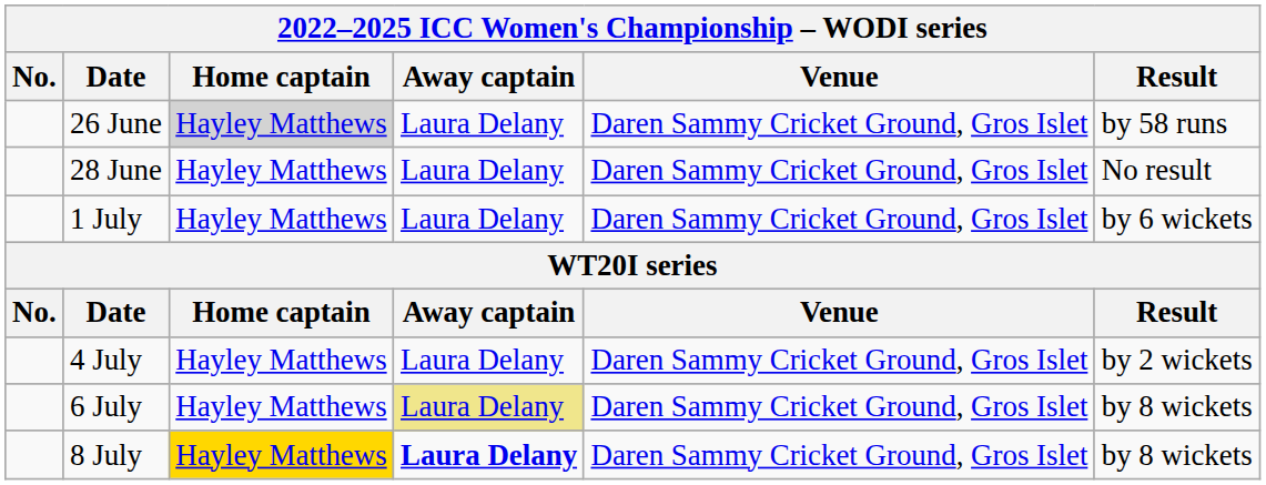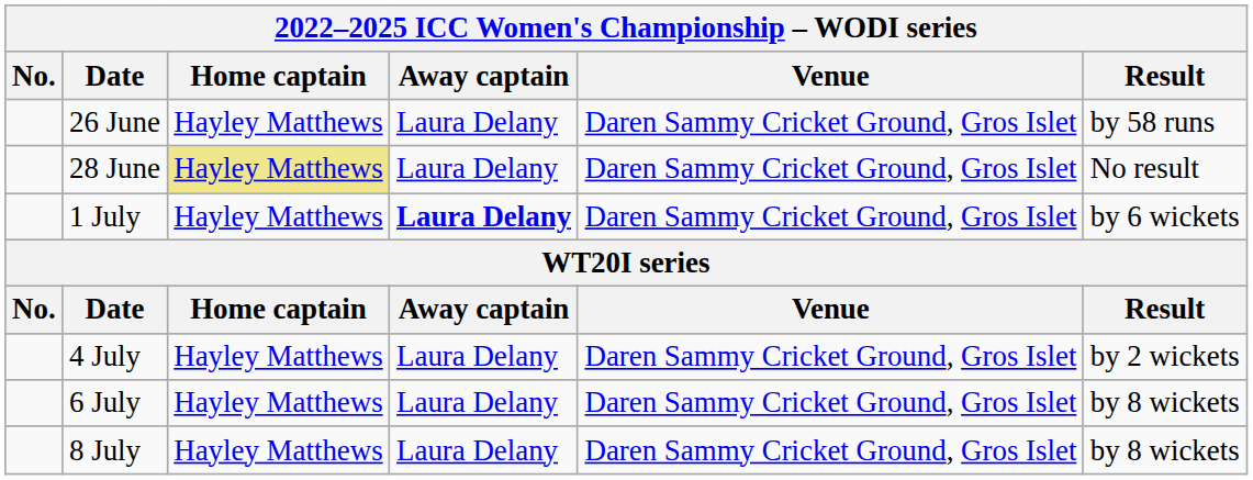 <table class="wikitable">
 <tr>
 <th colspan="9"><a href='#'>2022–2025 ICC Women's Championship</a> – WODI series</th>
 </tr>
 <tr>
 <th>No.</th>
 <th>Date</th>
 <th>Home captain</th>
 <th>Away captain</th>
 <th>Venue</th>
 <th>Result</th>
 </tr>
 <tr>
 <td></td>
 <td>26 June</td>
-<td style="background: lightgrey;"><a href='#'>Hayley Matthews</a></td>
+<td><a href='#'>Hayley Matthews</a></td>
 <td><a href='#'>Laura Delany</a></td>
 <td><a href='#'>Daren Sammy Cricket Ground</a>, <a href='#'>Gros Islet</a></td>
 <td> by 58 runs</td>
 </tr>
 <tr>
 <td></td>
 <td>28 June</td>
-<td><a href='#'>Hayley Matthews</a></td>
+<td style="background: khaki;"><a href='#'>Hayley Matthews</a></td>
 <td><a href='#'>Laura Delany</a></td>
 <td><a href='#'>Daren Sammy Cricket Ground</a>, <a href='#'>Gros Islet</a></td>
 <td>No result</td>
 </tr>
 <tr>
 <td></td>
 <td>1 July</td>
 <td><a href='#'>Hayley Matthews</a></td>
-<td><a href='#'>Laura Delany</a></td>
+<td><strong><a href='#'>Laura Delany</a></strong></td>
 <td><a href='#'>Daren Sammy Cricket Ground</a>, <a href='#'>Gros Islet</a></td>
 <td> by 6 wickets</td>
 </tr>
 <tr>
 <th colspan="9">WT20I series</th>
 </tr>
 <tr>
 <th>No.</th>
 <th>Date</th>
 <th>Home captain</th>
 <th>Away captain</th>
 <th>Venue</th>
 <th>Result</th>
 </tr>
 <tr>
 <td></td>
 <td>4 July</td>
 <td><a href='#'>Hayley Matthews</a></td>
 <td><a href='#'>Laura Delany</a></td>
 <td><a href='#'>Daren Sammy Cricket Ground</a>, <a href='#'>Gros Islet</a></td>
 <td> by 2 wickets</td>
 </tr>
 <tr>
 <td></td>
 <td>6 July</td>
 <td><a href='#'>Hayley Matthews</a></td>
-<td style="background: khaki;"><a href='#'>Laura Delany</a></td>
+<td><a href='#'>Laura Delany</a></td>
 <td><a href='#'>Daren Sammy Cricket Ground</a>, <a href='#'>Gros Islet</a></td>
 <td> by 8 wickets</td>
 </tr>
 <tr>
 <td></td>
 <td>8 July</td>
-<td style="background: gold;"><a href='#'>Hayley Matthews</a></td>
-<td><strong><a href='#'>Laura Delany</a></strong></td>
+<td><a href='#'>Hayley Matthews</a></td>
+<td><a href='#'>Laura Delany</a></td>
 <td><a href='#'>Daren Sammy Cricket Ground</a>, <a href='#'>Gros Islet</a></td>
 <td> by 8 wickets</td>
 </tr>
 </table>
